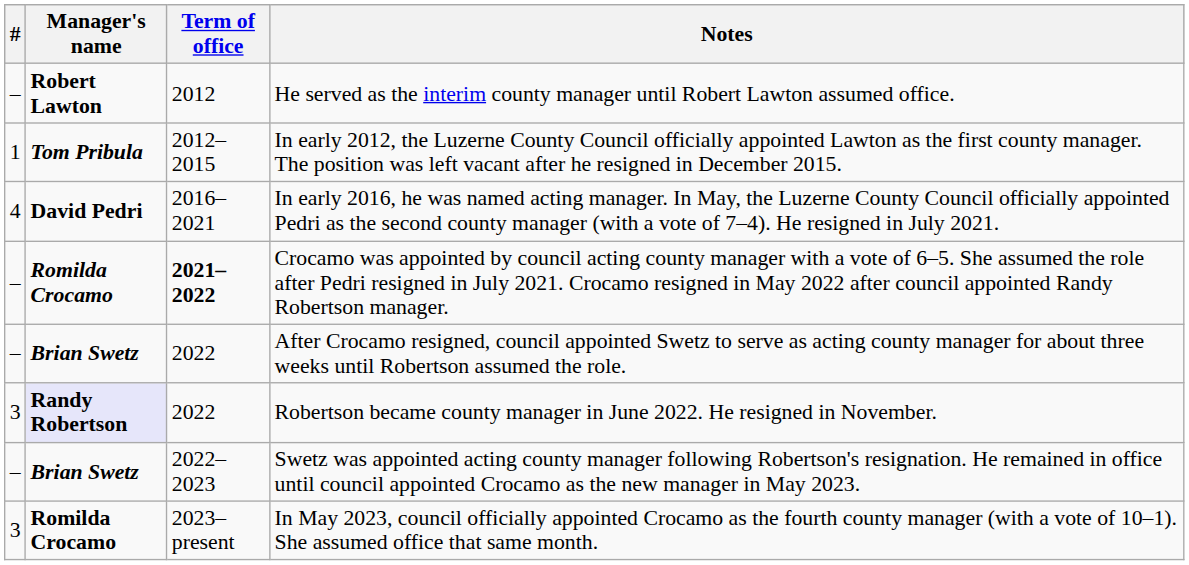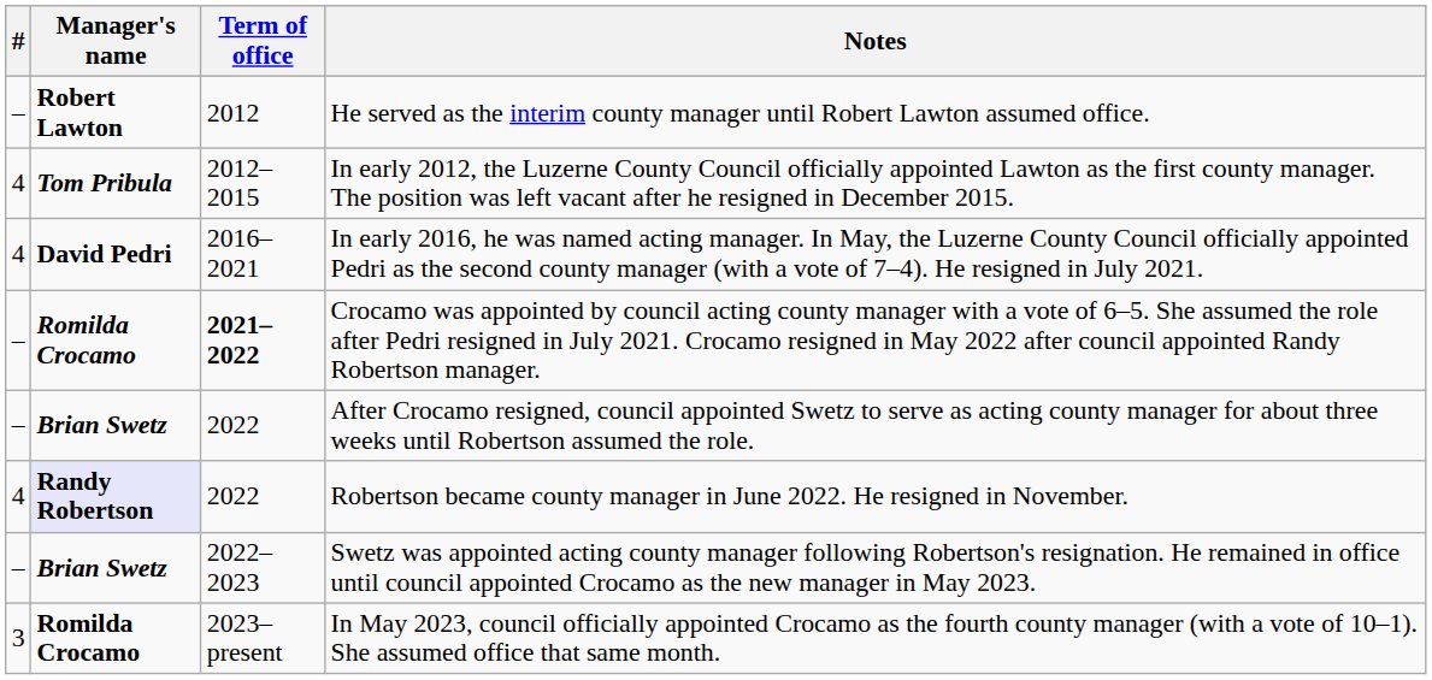 <table class=wikitable>
 <tr style="background:#ccc;">
 <th><strong>#</strong></th>
 <th><strong>Manager's name</strong></th>
 <th><strong><a href='#'>Term of office</a></strong></th>
 <th><strong>Notes</strong></th>
 </tr>
 <tr>
 <td>–</td>
 <td><strong> Robert Lawton </strong></td>
 <td>2012</td>
 <td>He served as the <a href='#'>interim</a> county manager until Robert Lawton assumed office.</td>
 </tr>
 <tr>
-<td>1</td>
+<td>4</td>
 <td><strong><em>Tom Pribula</em></strong></td>
 <td>2012–2015</td>
 <td>In early 2012, the Luzerne County Council officially appointed Lawton as the first county manager. The position was left vacant after he resigned in December 2015.</td>
 </tr>
 <tr>
 <td>4</td>
 <td><strong> David Pedri</strong></td>
 <td>2016–2021</td>
 <td>In early 2016, he was named acting manager. In May, the Luzerne County Council officially appointed Pedri as the second county manager (with a vote of 7–4). He resigned in July 2021.</td>
 </tr>
 <tr>
 <td>–</td>
 <td><strong><em>Romilda Crocamo</em></strong></td>
 <td><strong>2021–2022</strong></td>
 <td>Crocamo was appointed by council acting county manager with a vote of 6–5. She assumed the role after Pedri resigned in July 2021. Crocamo resigned in May 2022 after council appointed Randy Robertson manager.</td>
 </tr>
 <tr>
 <td>–</td>
 <td><strong><em>Brian Swetz</em></strong></td>
 <td>2022</td>
 <td>After Crocamo resigned, council appointed Swetz to serve as acting county manager for about three weeks until Robertson assumed the role.</td>
 </tr>
 <tr>
-<td>3</td>
+<td>4</td>
 <td style="background: lavender;"><strong>Randy Robertson</strong></td>
 <td>2022</td>
 <td>Robertson became county manager in June 2022. He resigned in November.</td>
 </tr>
 <tr>
 <td>–</td>
 <td><strong><em>Brian Swetz</em></strong></td>
 <td>2022–2023</td>
 <td>Swetz was appointed acting county manager following Robertson's resignation. He remained in office until council appointed Crocamo as the new manager in May 2023.</td>
 </tr>
 <tr>
 <td>3</td>
 <td><strong>Romilda Crocamo</strong></td>
 <td>2023–present</td>
 <td>In May 2023, council officially appointed Crocamo as the fourth county manager (with a vote of 10–1). She assumed office that same month.</td>
 </tr>
 </table>
